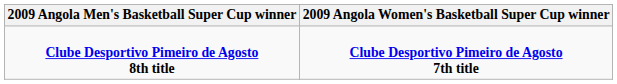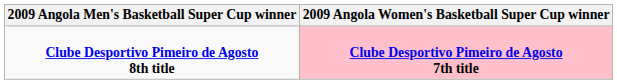 <table class=wikitable style="text-align:center; margin:auto">
 <tr>
 <th>2009 Angola Men's Basketball Super Cup winner</th>
 <th>2009 Angola Women's Basketball Super Cup winner</th>
 </tr>
 <tr>
 <td><br><strong><a href='#'>Clube Desportivo Pimeiro de Agosto</a></strong><br><strong>8th title</strong></td>
-<td><br><strong><a href='#'>Clube Desportivo Pimeiro de Agosto</a></strong><br><strong>7th title</strong></td>
+<td style="background: pink;"><br><strong><a href='#'>Clube Desportivo Pimeiro de Agosto</a></strong><br><strong>7th title</strong></td>
 </tr>
 </table>
